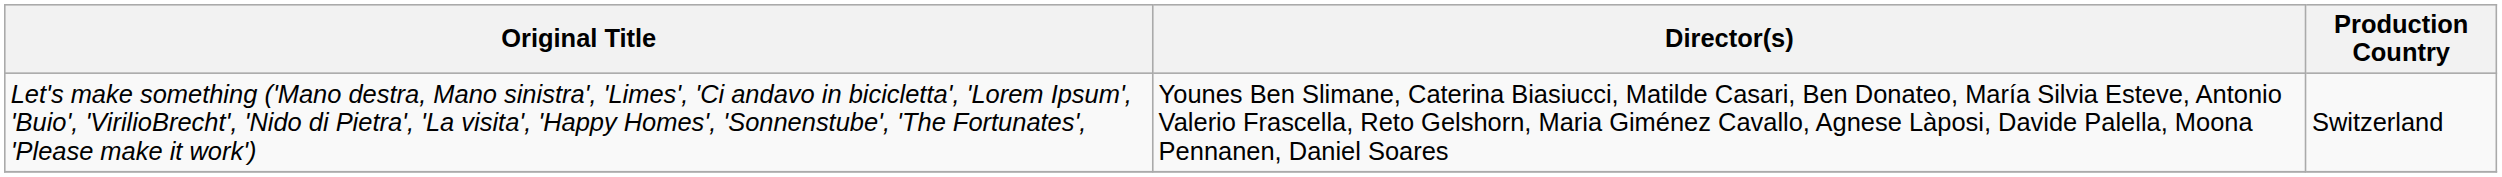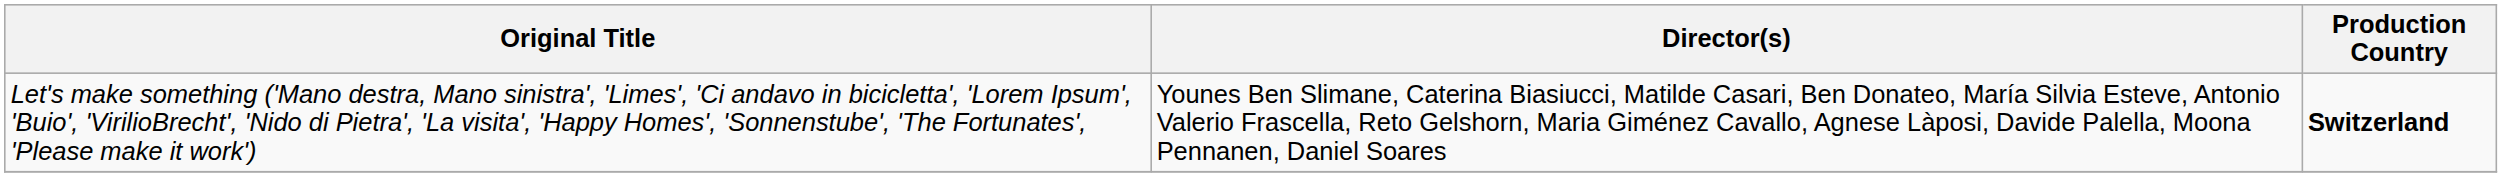 <table class="wikitable sortable">
 <tr>
 <th>Original Title</th>
 <th>Director(s)</th>
 <th>Production Country</th>
 </tr>
 <tr>
 <td><em>Let's make something</em> <em>('Mano destra, Mano sinistra', 'Limes', 'Ci andavo in bicicletta', 'Lorem Ipsum', 'Buio', 'VirilioBrecht', 'Nido di Pietra', 'La visita', 'Happy Homes', 'Sonnenstube', 'The Fortunates', 'Please make it work')</em></td>
 <td>Younes Ben Slimane, Caterina Biasiucci, Matilde Casari, Ben Donateo, María Silvia Esteve, Antonio Valerio Frascella, Reto Gelshorn, Maria Giménez Cavallo, Agnese Làposi, Davide Palella, Moona Pennanen, Daniel Soares</td>
-<td>Switzerland</td>
+<td><strong>Switzerland</strong></td>
 </tr>
 <tr>
 </tr>
 </table>
